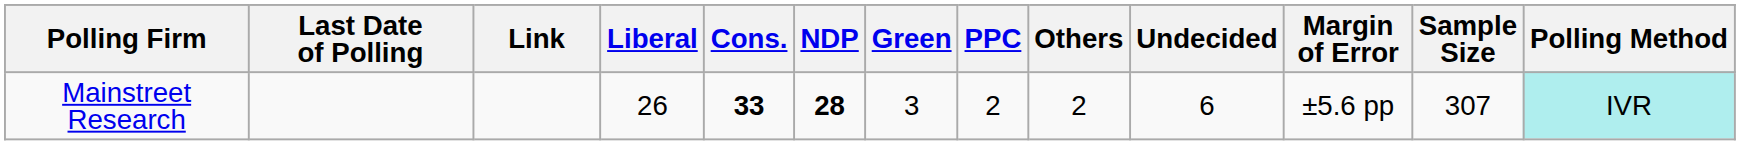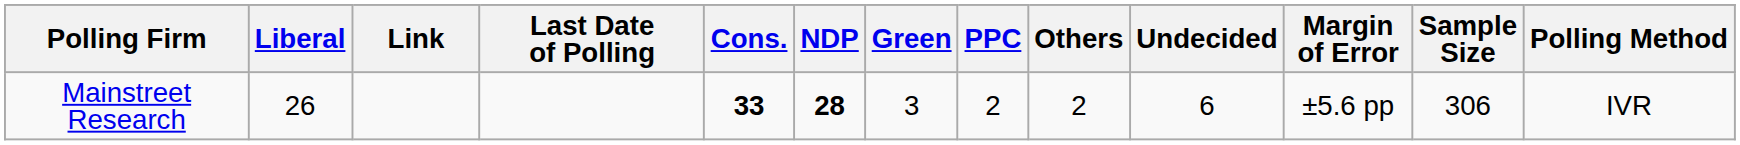 <table class="wikitable sortable" style="text-align:center;font-size:90%;line-height:14px;">
 <tr style="background:#e9e9e9;">
 <th style="width:120px">Polling Firm</th>
+<th style="background-color:"><a href='#'>Liberal</a></th>
+<th style="width:60px" class="unsortable">Link</th>
 <th style="width:110px">Last Date<br>of Polling</th>
-<th style="width:60px" class="unsortable">Link</th>
-<th style="background-color:"><a href='#'>Liberal</a></th>
 <th style="background-color:"><a href='#'>Cons.</a></th>
 <th style="background-color:"><a href='#'>NDP</a></th>
 <th style="background-color:"><a href='#'>Green</a></th>
 <th style="background-color:"><a href='#'><span>PPC</span></a></th>
 <th style="background-color:">Others</th>
 <th style="background-color:">Undecided</th>
 <th style="width:60px;" class=unsortable>Margin<br>of Error</th>
 <th style="width:50px;" class=unsortable>Sample<br>Size</th>
 <th class=unsortable>Polling Method</th>
 </tr>
 <tr>
 <td><a href='#'>Mainstreet Research</a></td>
+<td>26</td>
 <td></td>
 <td></td>
-<td>26</td>
 <td><strong>33</strong></td>
 <td><strong>28</strong></td>
 <td>3</td>
 <td>2</td>
 <td>2</td>
 <td>6</td>
 <td>±5.6 pp</td>
-<td>307</td>
-<td style="background: paleturquoise;">IVR</td>
+<td>306</td>
+<td>IVR</td>
 </tr>
 </table>
